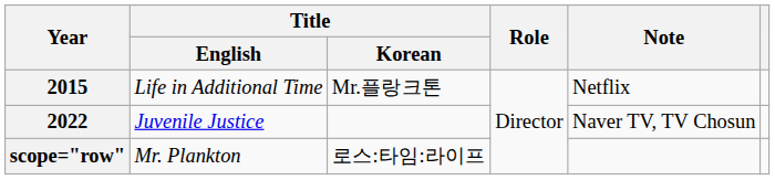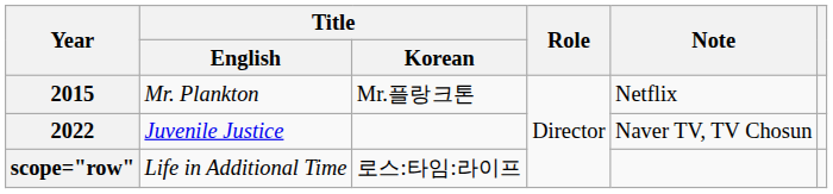 <table class="wikitable plainrowheaders">
 <tr>
 <th rowspan="2" scope="col">Year</th>
 <th colspan="2" scope="col">Title</th>
 <th rowspan="2" scope="col">Role</th>
 <th rowspan="2" scope="col">Note</th>
 <th rowspan="2" scope="col"></th>
 </tr>
 <tr>
 <th>English</th>
 <th>Korean</th>
 </tr>
 <tr>
 <th scope="row">2015</th>
-<td><em>Life in Additional Time</em></td>
+<td><em>Mr. Plankton</em></td>
 <td>Mr.플랑크톤</td>
 <td rowspan="3">Director</td>
 <td>Netflix</td>
 <td></td>
 </tr>
 <tr>
 <th scope="row">2022</th>
 <td><em><a href='#'>Juvenile Justice</a></em></td>
 <td></td>
 <td>Naver TV, TV Chosun</td>
 <td style="text-align:center"></td>
 </tr>
 <tr>
 <th>scope="row" </th>
-<td><em>Mr. Plankton</em></td>
+<td><em>Life in Additional Time</em></td>
 <td>로스:타임:라이프</td>
 <td></td>
 <td style="text-align:center"></td>
 </tr>
 </table>
